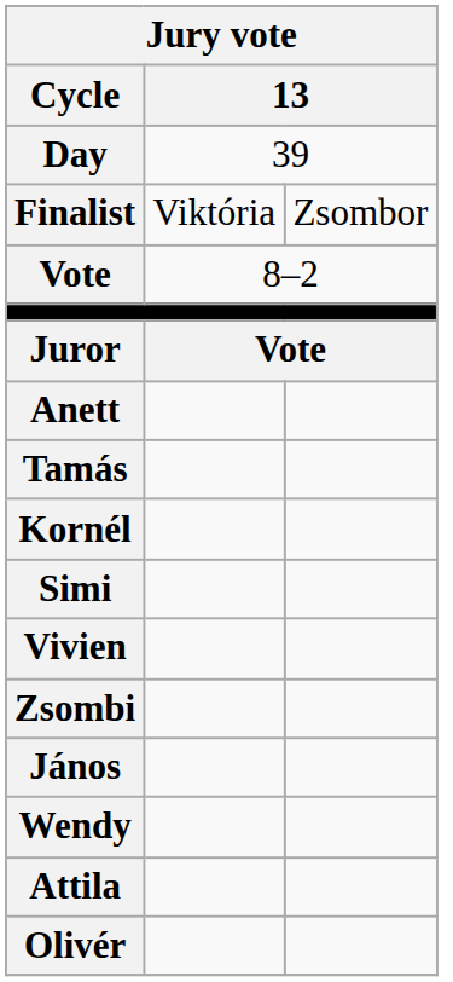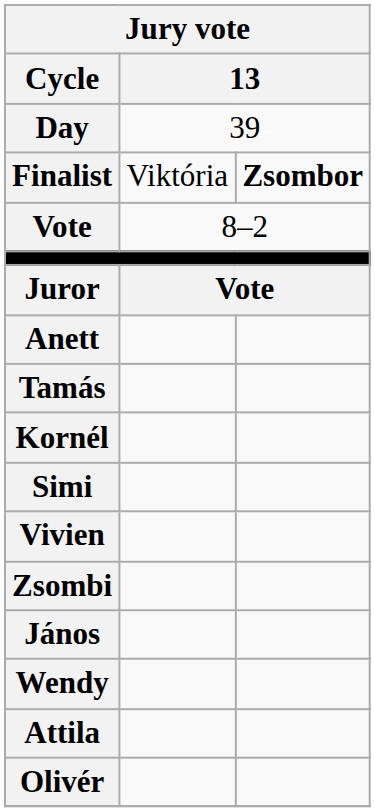 <table class="wikitable" style="text-align:center; white-space:nowrap;">
 <tr>
 <th colspan="3">Jury vote</th>
 </tr>
 <tr>
 <th>Cycle</th>
 <th colspan="100%">13</th>
 </tr>
 <tr>
 <th>Day</th>
 <td colspan="100%">39</td>
 </tr>
 <tr>
 <th>Finalist</th>
 <td>Viktória</td>
-<td>Zsombor</td>
+<td><strong>Zsombor</strong></td>
 </tr>
 <tr>
 <th>Vote</th>
 <td colspan="2">8–2</td>
 </tr>
 <tr>
 <td colspan="100%" style="background:black;"></td>
 </tr>
 <tr>
 <th>Juror</th>
 <th colspan="100%">Vote</th>
 </tr>
 <tr>
 <th>Anett</th>
 <td></td>
 <td></td>
 </tr>
 <tr>
 <th>Tamás</th>
 <td></td>
 <td></td>
 </tr>
 <tr>
 <th>Kornél</th>
 <td></td>
 <td></td>
 </tr>
 <tr>
 <th>Simi</th>
 <td></td>
 <td></td>
 </tr>
 <tr>
 <th>Vivien</th>
 <td></td>
 <td></td>
 </tr>
 <tr>
 <th>Zsombi</th>
 <td></td>
 <td></td>
 </tr>
 <tr>
 <th>János</th>
 <td></td>
 <td></td>
 </tr>
 <tr>
 <th>Wendy</th>
 <td></td>
 <td></td>
 </tr>
 <tr>
 <th>Attila</th>
 <td></td>
 <td></td>
 </tr>
 <tr>
 <th>Olivér</th>
 <td></td>
 <td></td>
 </tr>
 <tr>
 </tr>
 </table>
